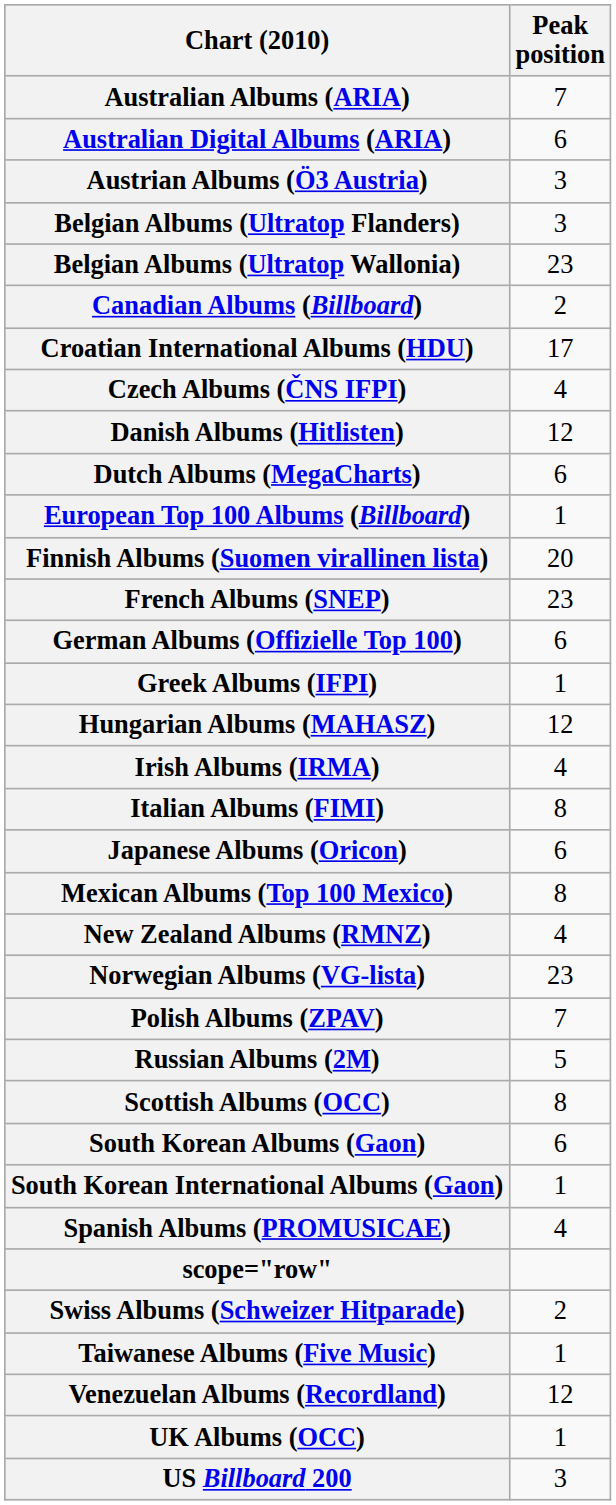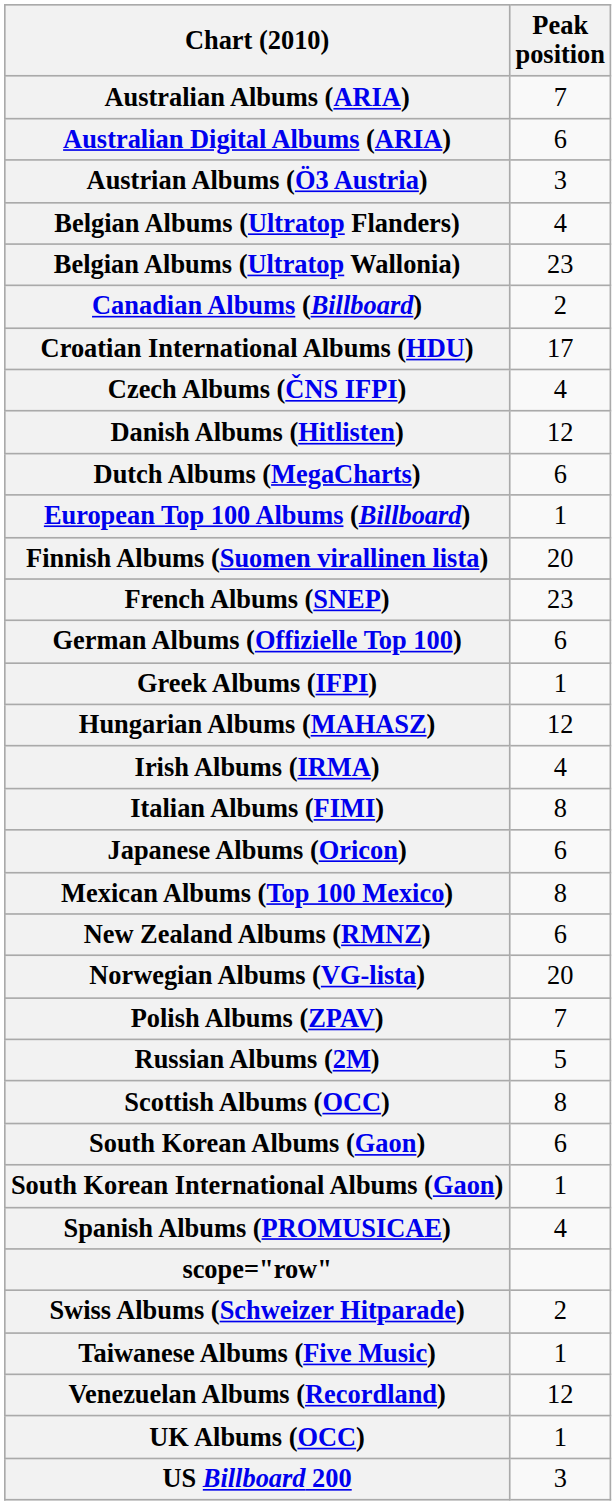 <table class="wikitable sortable plainrowheaders" style="text-align:center;">
 <tr>
 <th scope="col">Chart (2010)</th>
 <th scope="col">Peak<br>position</th>
 </tr>
 <tr>
 <th scope="row">Australian Albums (<a href='#'>ARIA</a>)</th>
 <td>7</td>
 </tr>
 <tr>
 <th scope="row"><a href='#'>Australian Digital Albums</a> (<a href='#'>ARIA</a>)</th>
 <td>6</td>
 </tr>
 <tr>
 <th scope="row">Austrian Albums (<a href='#'>Ö3 Austria</a>)</th>
 <td>3</td>
 </tr>
 <tr>
 <th scope="row">Belgian Albums (<a href='#'>Ultratop</a> Flanders)</th>
-<td>3</td>
+<td>4</td>
 </tr>
 <tr>
 <th scope="row">Belgian Albums (<a href='#'>Ultratop</a> Wallonia)</th>
 <td>23</td>
 </tr>
 <tr>
 <th scope="row"><a href='#'>Canadian Albums</a> (<em><a href='#'>Billboard</a></em>)</th>
 <td>2</td>
 </tr>
 <tr>
 <th scope="row">Croatian International Albums (<a href='#'>HDU</a>)</th>
 <td>17</td>
 </tr>
 <tr>
 <th scope="row">Czech Albums (<a href='#'>ČNS IFPI</a>)</th>
 <td>4</td>
 </tr>
 <tr>
 <th scope="row">Danish Albums (<a href='#'>Hitlisten</a>)</th>
 <td>12</td>
 </tr>
 <tr>
 <th scope="row">Dutch Albums (<a href='#'>MegaCharts</a>)</th>
 <td>6</td>
 </tr>
 <tr>
 <th scope="row"><a href='#'>European Top 100 Albums</a> (<em><a href='#'>Billboard</a></em>)</th>
 <td>1</td>
 </tr>
 <tr>
 <th scope="row">Finnish Albums (<a href='#'>Suomen virallinen lista</a>)</th>
 <td>20</td>
 </tr>
 <tr>
 <th scope="row">French Albums (<a href='#'>SNEP</a>)</th>
 <td>23</td>
 </tr>
 <tr>
 <th scope="row">German Albums (<a href='#'>Offizielle Top 100</a>)</th>
 <td>6</td>
 </tr>
 <tr>
 <th scope="row">Greek Albums (<a href='#'>IFPI</a>)</th>
 <td>1</td>
 </tr>
 <tr>
 <th scope="row">Hungarian Albums (<a href='#'>MAHASZ</a>)</th>
 <td>12</td>
 </tr>
 <tr>
 <th scope="row">Irish Albums (<a href='#'>IRMA</a>)</th>
 <td>4</td>
 </tr>
 <tr>
 <th scope="row">Italian Albums (<a href='#'>FIMI</a>)</th>
 <td>8</td>
 </tr>
 <tr>
 <th scope="row">Japanese Albums (<a href='#'>Oricon</a>)</th>
 <td>6</td>
 </tr>
 <tr>
 <th scope="row">Mexican Albums (<a href='#'>Top 100 Mexico</a>)</th>
 <td>8</td>
 </tr>
 <tr>
 <th scope="row">New Zealand Albums (<a href='#'>RMNZ</a>)</th>
-<td>4</td>
+<td>6</td>
 </tr>
 <tr>
 <th scope="row">Norwegian Albums (<a href='#'>VG-lista</a>)</th>
-<td>23</td>
+<td>20</td>
 </tr>
 <tr>
 <th scope="row">Polish Albums (<a href='#'>ZPAV</a>)</th>
 <td>7</td>
 </tr>
 <tr>
 <th scope="row">Russian Albums (<a href='#'>2M</a>)</th>
 <td>5</td>
 </tr>
 <tr>
 <th scope="row">Scottish Albums (<a href='#'>OCC</a>)</th>
 <td>8</td>
 </tr>
 <tr>
 <th scope="row">South Korean Albums (<a href='#'>Gaon</a>)</th>
 <td>6</td>
 </tr>
 <tr>
 <th scope="row">South Korean International Albums (<a href='#'>Gaon</a>)</th>
 <td>1</td>
 </tr>
 <tr>
 <th scope="row">Spanish Albums (<a href='#'>PROMUSICAE</a>)</th>
 <td>4</td>
 </tr>
 <tr>
 <th>scope="row"</th>
 </tr>
 <tr>
 <th scope="row">Swiss Albums (<a href='#'>Schweizer Hitparade</a>)</th>
 <td>2</td>
 </tr>
 <tr>
 <th scope="row">Taiwanese Albums (<a href='#'>Five Music</a>)</th>
 <td>1</td>
 </tr>
 <tr>
 <th scope="row">Venezuelan Albums (<a href='#'>Recordland</a>)</th>
 <td>12</td>
 </tr>
 <tr>
 <th scope="row">UK Albums (<a href='#'>OCC</a>)</th>
 <td>1</td>
 </tr>
 <tr>
 <th scope="row">US <a href='#'><em>Billboard</em> 200</a></th>
 <td>3</td>
 </tr>
 </table>
